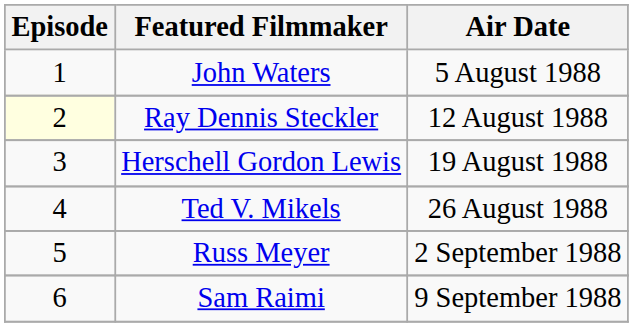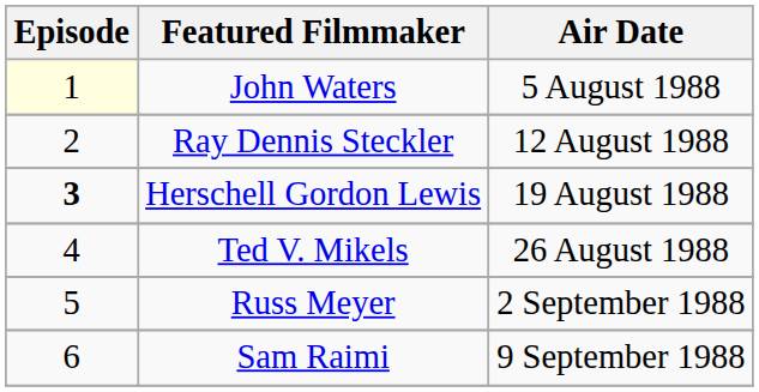 <table class="wikitable" border="1">
 <tr>
 <th>Episode</th>
 <th>Featured Filmmaker</th>
 <th>Air Date</th>
 </tr>
 <tr style="text-align:center;">
-<td>1</td>
+<td style="background: lightyellow;">1</td>
 <td><a href='#'>John Waters</a></td>
 <td colspan="2">5 August 1988</td>
 </tr>
 <tr>
 </tr>
 <tr style="text-align:center;">
-<td style="background: lightyellow;">2</td>
+<td>2</td>
 <td><a href='#'>Ray Dennis Steckler</a></td>
 <td colspan="2">12 August 1988</td>
 </tr>
 <tr>
 </tr>
 <tr style="text-align:center;">
-<td>3</td>
+<td><strong>3</strong></td>
 <td><a href='#'>Herschell Gordon Lewis</a></td>
 <td colspan="2">19 August 1988</td>
 </tr>
 <tr>
 </tr>
 <tr style="text-align:center;">
 <td>4</td>
 <td><a href='#'>Ted V. Mikels</a></td>
 <td colspan="2">26 August 1988</td>
 </tr>
 <tr>
 </tr>
 <tr style="text-align:center;">
 <td>5</td>
 <td><a href='#'>Russ Meyer</a></td>
 <td colspan="2">2 September 1988</td>
 </tr>
 <tr>
 </tr>
 <tr style="text-align:center;">
 <td>6</td>
 <td><a href='#'>Sam Raimi</a></td>
 <td colspan="2">9 September 1988</td>
 </tr>
 <tr>
 </tr>
 </table>
